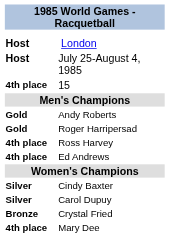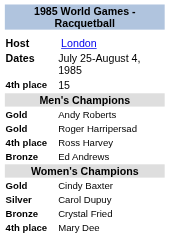 <table class="toccolours" style="float: right; margin: 0 0 1em 1em; font-size: 90%;" width=220px>
 <tr>
 <td colspan="2" style="background: #B0C4DE; text-align: center;" height=30px><strong>1985 World Games -  Racquetball</strong></td>
 </tr>
 <tr>
 <td colspan="2" style="text-align: center;"></td>
 </tr>
 <tr style="vertical-align:top;">
 <td colspan=2></td>
 </tr>
 <tr style="vertical-align:top;">
 <td><strong>Host</strong></td>
 <td> <a href='#'>London</a></td>
 </tr>
 <tr style="vertical-align:top;">
-<td><strong>Host</strong></td>
+<td><strong>Dates</strong></td>
 <td>July 25-August 4, 1985</td>
 </tr>
 <tr style="vertical-align:top;">
 <td style=font-size:90% width=100><strong>4th place</strong></td>
 <td>15</td>
 </tr>
 <tr>
 <td colspan="2" style="background: #dedede; text-align: center;"><strong>Men's Champions</strong></td>
 </tr>
 <tr style="vertical-align:top;">
 <td style=font-size:90% width=100> <strong>Gold</strong></td>
 <td style=font-size:90% width=250> Andy Roberts</td>
 </tr>
 <tr>
 <td style=font-size:90% width=100> <strong>Gold</strong></td>
 <td style=font-size:90% width=250> Roger Harripersad</td>
 </tr>
 <tr>
 <td style=font-size:90% width=100><strong>4th place</strong></td>
 <td style=font-size:90% width=250> Ross Harvey</td>
 </tr>
 <tr>
-<td style=font-size:90% width=100><strong>4th place</strong></td>
+<td style=font-size:90% width=100> <strong>Bronze</strong></td>
 <td style=font-size:90% width=250> Ed Andrews</td>
 </tr>
 <tr>
 <td colspan="2" style="background: #dedede; text-align: center;"><strong>Women's Champions</strong></td>
 </tr>
 <tr style="vertical-align:top;">
-<td style=font-size:90% width=100> <strong>Silver</strong></td>
+<td style=font-size:90% width=100> <strong>Gold</strong></td>
 <td style=font-size:90% width=250> Cindy Baxter</td>
 </tr>
 <tr>
 <td style=font-size:90% width=100> <strong>Silver</strong></td>
 <td style=font-size:90% width=250> Carol Dupuy</td>
 </tr>
 <tr>
 <td style=font-size:90% width=100> <strong>Bronze</strong></td>
 <td style=font-size:90% width=250> Crystal Fried</td>
 </tr>
 <tr>
 <td style=font-size:90% width=100><strong>4th place</strong></td>
 <td style=font-size:90% width=250> Mary Dee</td>
 </tr>
 </table>
